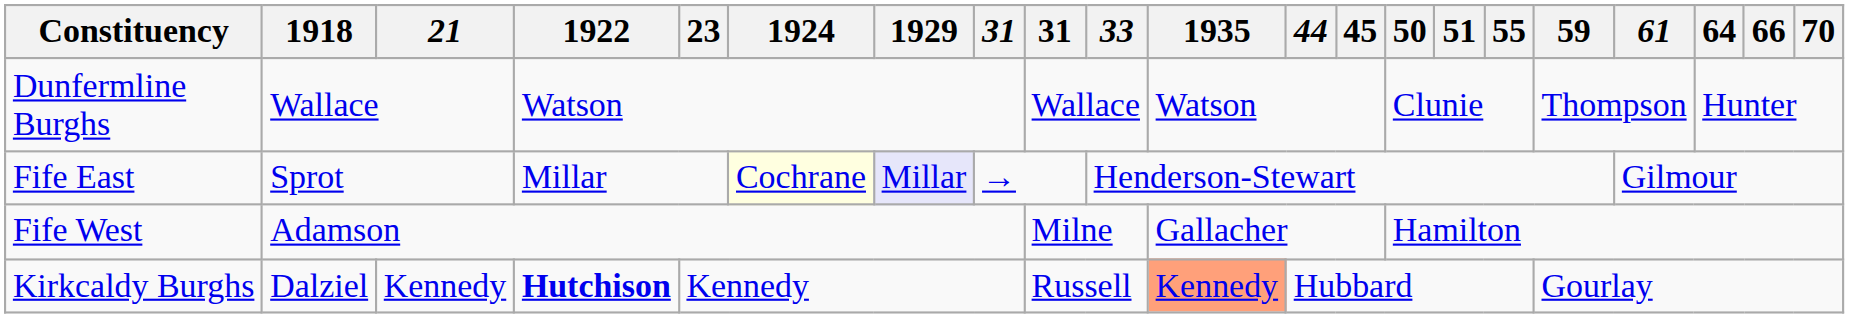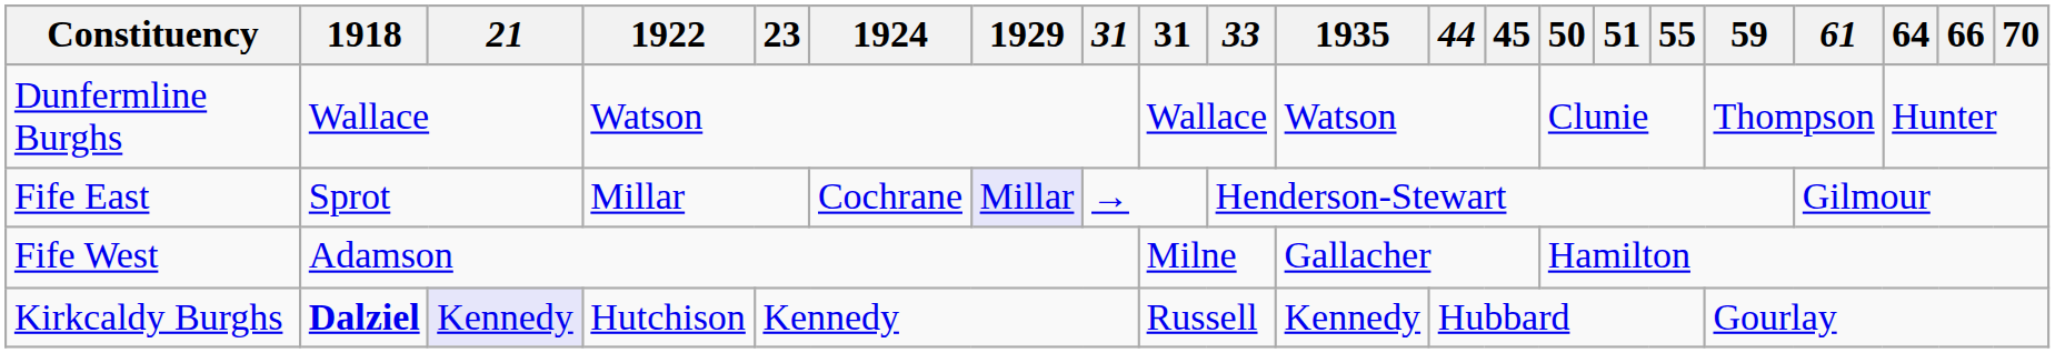 <table class="wikitable">
 <tr>
 <th>Constituency</th>
 <th>1918</th>
 <th><em>21</em></th>
 <th>1922</th>
 <th>23</th>
 <th>1924</th>
 <th>1929</th>
 <th><em>31</em></th>
 <th>31</th>
 <th><em>33</em></th>
 <th>1935</th>
 <th><em>44</em></th>
 <th>45</th>
 <th>50</th>
 <th>51</th>
 <th>55</th>
 <th>59</th>
 <th><em>61</em></th>
 <th>64</th>
 <th>66</th>
 <th>70</th>
 </tr>
 <tr>
 <td><a href='#'>Dunfermline Burghs</a></td>
 <td colspan="2"><a href='#'>Wallace</a></td>
 <td colspan="5"><a href='#'>Watson</a></td>
 <td colspan="2"><a href='#'>Wallace</a></td>
 <td colspan="3"><a href='#'>Watson</a></td>
 <td colspan="3"><a href='#'>Clunie</a></td>
 <td colspan="2"><a href='#'>Thompson</a></td>
 <td colspan="3"><a href='#'>Hunter</a></td>
 </tr>
 <tr>
 <td><a href='#'>Fife East</a></td>
 <td colspan="2"><a href='#'>Sprot</a></td>
 <td colspan="2"><a href='#'>Millar</a></td>
-<td style="background: lightyellow;"><a href='#'>Cochrane</a></td>
+<td><a href='#'>Cochrane</a></td>
 <td style="background: lavender;"><a href='#'>Millar</a></td>
 <td colspan="2"><a href='#'>→</a></td>
 <td colspan="8"><a href='#'>Henderson-Stewart</a></td>
 <td colspan="4"><a href='#'>Gilmour</a></td>
 </tr>
 <tr>
 <td><a href='#'>Fife West</a></td>
 <td colspan="7"><a href='#'>Adamson</a></td>
 <td colspan="2"><a href='#'>Milne</a></td>
 <td colspan="3"><a href='#'>Gallacher</a></td>
 <td colspan="8"><a href='#'>Hamilton</a></td>
 </tr>
 <tr>
 <td><a href='#'>Kirkcaldy Burghs</a></td>
-<td bgcolor=><a href='#'>Dalziel</a></td>
-<td><a href='#'>Kennedy</a></td>
-<td><strong><a href='#'>Hutchison</a></strong></td>
+<td bgcolor=><strong><a href='#'>Dalziel</a></strong></td>
+<td style="background: lavender;"><a href='#'>Kennedy</a></td>
+<td><a href='#'>Hutchison</a></td>
 <td colspan="4"><a href='#'>Kennedy</a></td>
 <td colspan="2"><a href='#'>Russell</a></td>
-<td style="background: lightsalmon;"><a href='#'>Kennedy</a></td>
+<td><a href='#'>Kennedy</a></td>
 <td colspan="5"><a href='#'>Hubbard</a></td>
 <td colspan="5"><a href='#'>Gourlay</a></td>
 </tr>
 </table>
